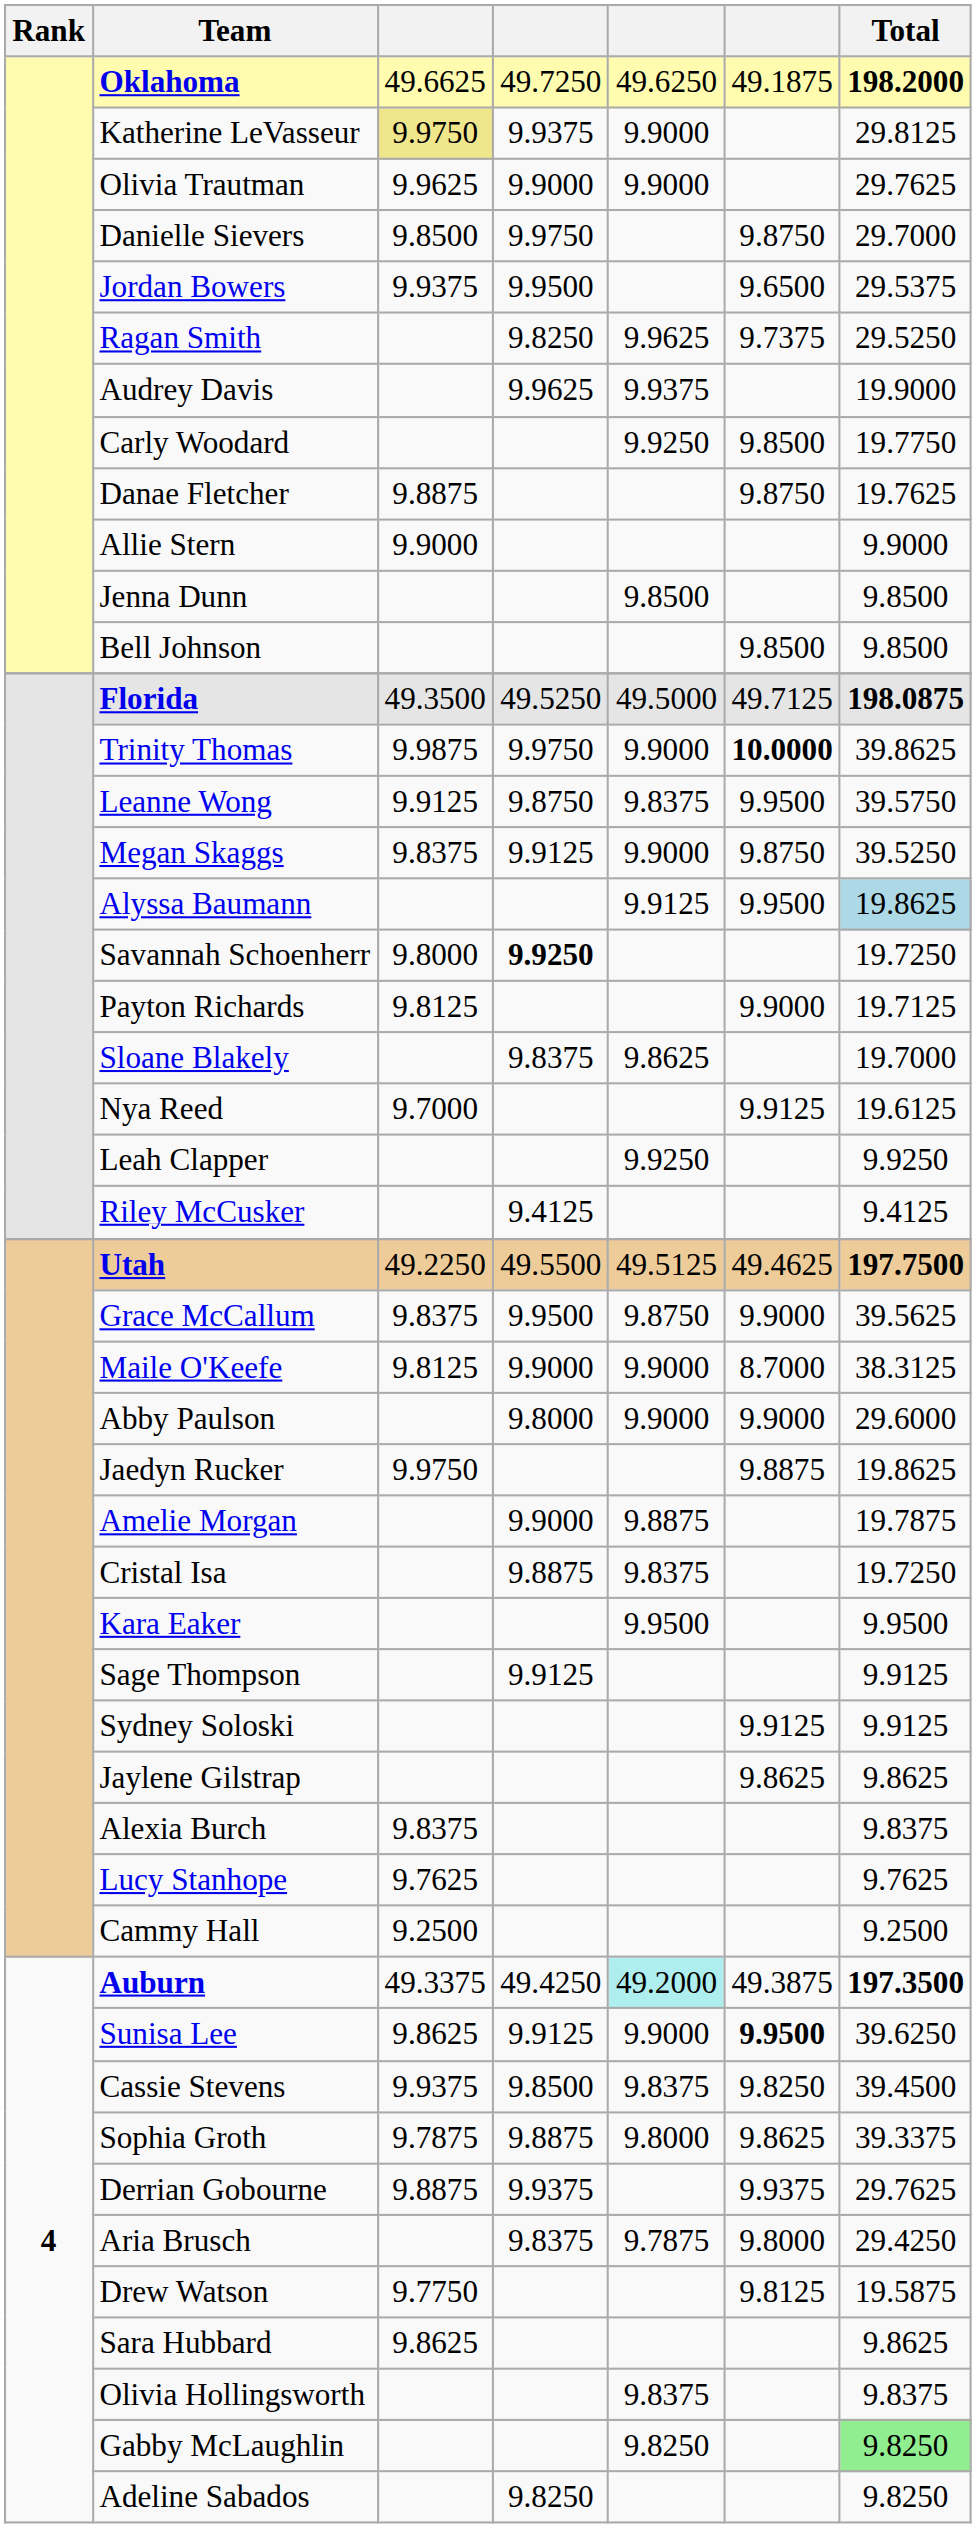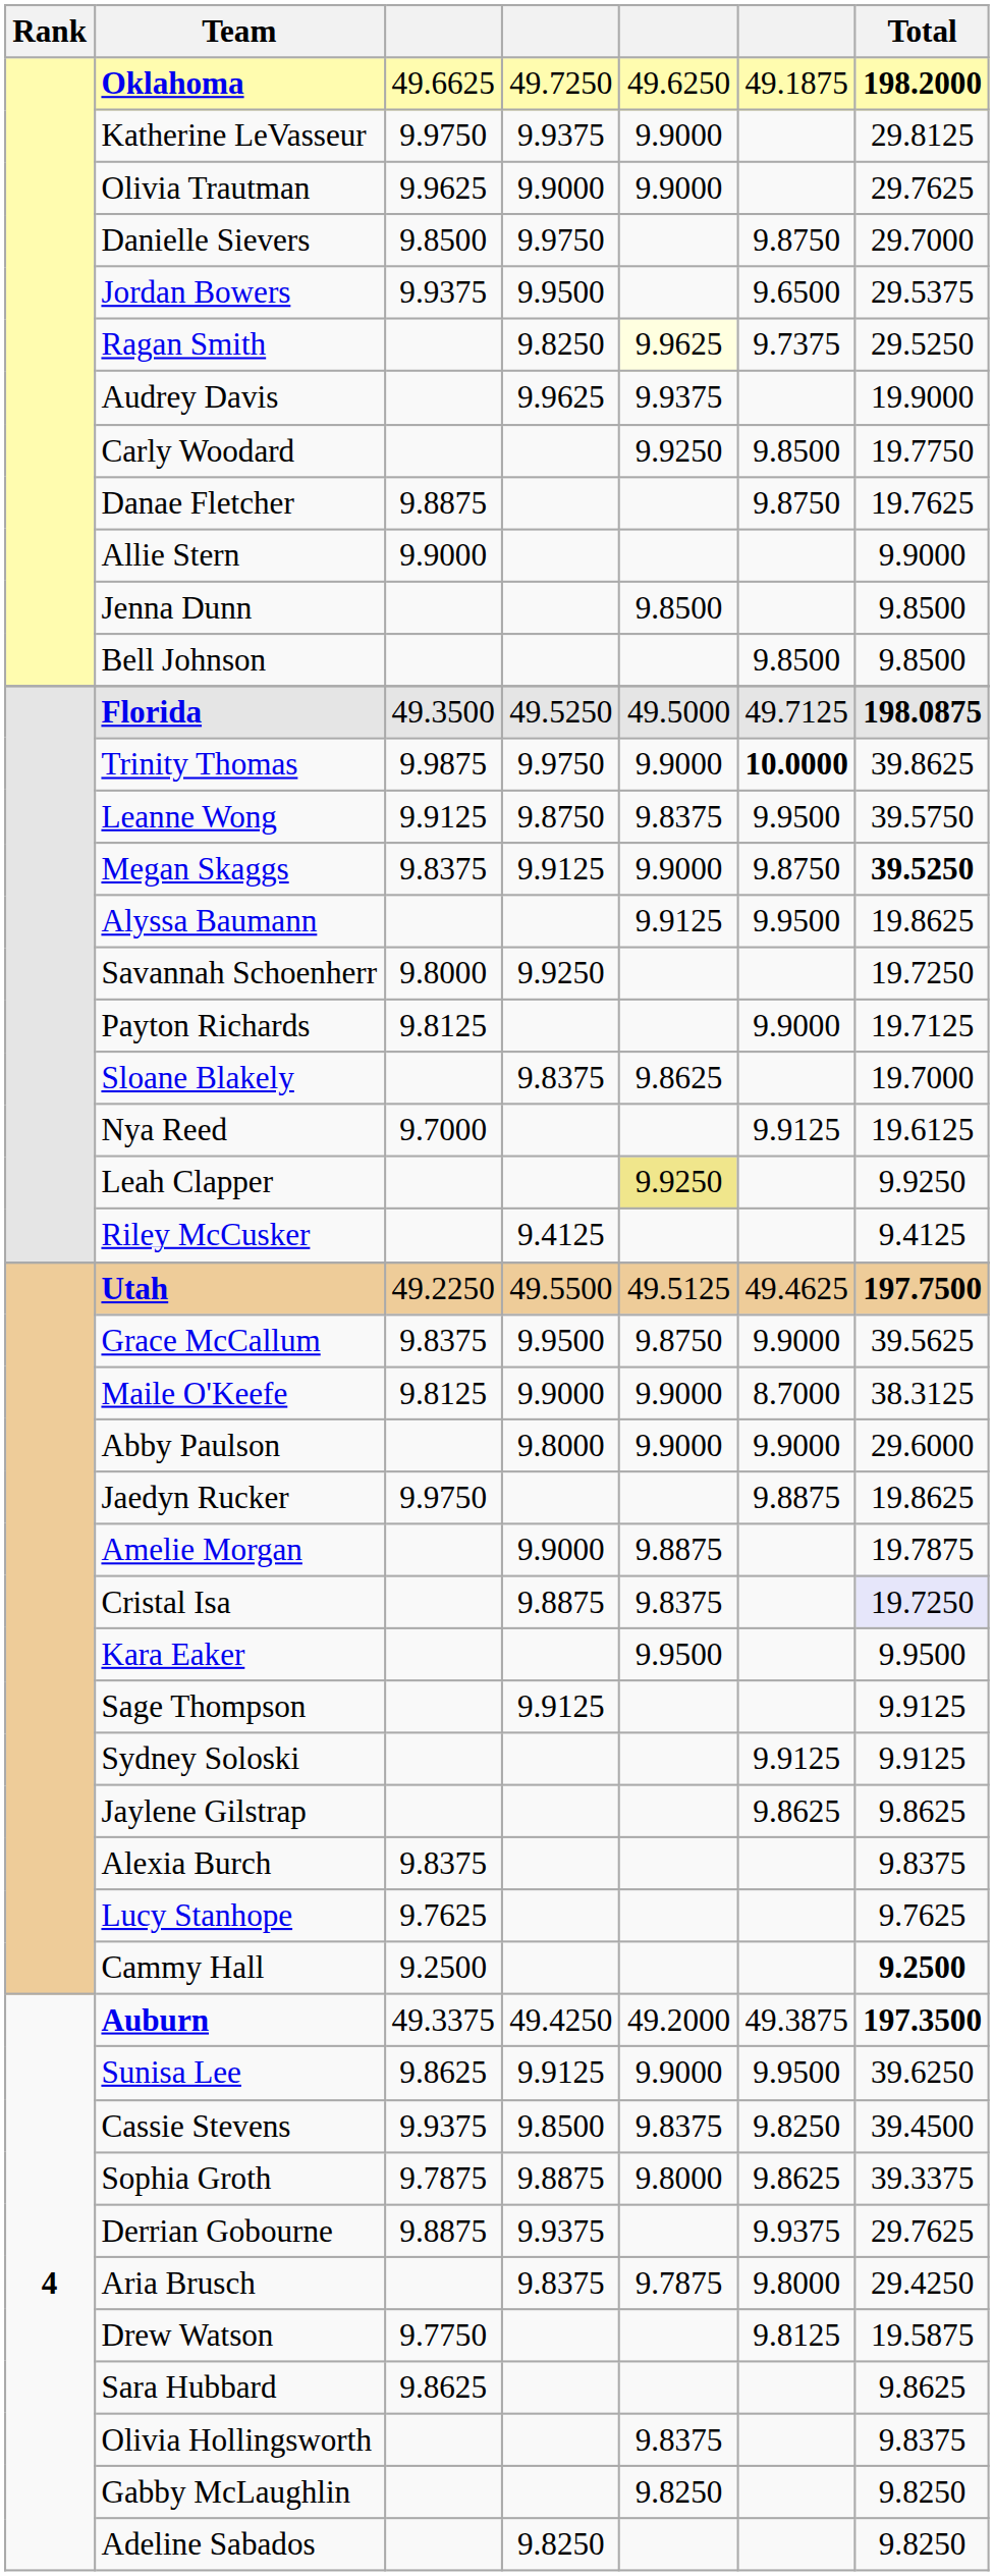 <table class="wikitable" style="text-align:center; font-size:95%">
 <tr>
 <th rowspan="1">Rank</th>
 <th rowspan="1">Team</th>
 <th colspan="1"></th>
 <th colspan="1"></th>
 <th colspan="1"></th>
 <th colspan="1"></th>
 <th rowspan="1">Total</th>
 </tr>
 <tr style="background:#fffcaf;">
 <td rowspan="12"></td>
 <td style="text-align:left;"><strong><a href='#'>Oklahoma</a></strong></td>
 <td>49.6625</td>
 <td>49.7250</td>
 <td>49.6250</td>
 <td>49.1875</td>
 <td><strong>198.2000</strong></td>
 </tr>
 <tr>
 <td style="text-align:left;">Katherine LeVasseur</td>
-<td style="background: khaki;">9.9750</td>
+<td>9.9750</td>
 <td>9.9375</td>
 <td>9.9000</td>
 <td></td>
 <td>29.8125</td>
 </tr>
 <tr>
 <td style="text-align:left;">Olivia Trautman</td>
 <td>9.9625</td>
 <td>9.9000</td>
 <td>9.9000</td>
 <td></td>
 <td>29.7625</td>
 </tr>
 <tr>
 <td style="text-align:left;">Danielle Sievers</td>
 <td>9.8500</td>
 <td>9.9750</td>
 <td></td>
 <td>9.8750</td>
 <td>29.7000</td>
 </tr>
 <tr>
 <td style="text-align:left;"><a href='#'>Jordan Bowers</a></td>
 <td>9.9375</td>
 <td>9.9500</td>
 <td></td>
 <td>9.6500</td>
 <td>29.5375</td>
 </tr>
 <tr>
 <td style="text-align:left;"><a href='#'>Ragan Smith</a></td>
 <td></td>
 <td>9.8250</td>
-<td>9.9625</td>
+<td style="background: lightyellow;">9.9625</td>
 <td>9.7375</td>
 <td>29.5250</td>
 </tr>
 <tr>
 <td style="text-align:left;">Audrey Davis</td>
 <td></td>
 <td>9.9625</td>
 <td>9.9375</td>
 <td></td>
 <td>19.9000</td>
 </tr>
 <tr>
 <td style="text-align:left;">Carly Woodard</td>
 <td></td>
 <td></td>
 <td>9.9250</td>
 <td>9.8500</td>
 <td>19.7750</td>
 </tr>
 <tr>
 <td style="text-align:left;">Danae Fletcher</td>
 <td>9.8875</td>
 <td></td>
 <td></td>
 <td>9.8750</td>
 <td>19.7625</td>
 </tr>
 <tr>
 <td style="text-align:left;">Allie Stern</td>
 <td>9.9000</td>
 <td></td>
 <td></td>
 <td></td>
 <td>9.9000</td>
 </tr>
 <tr>
 <td style="text-align:left;">Jenna Dunn</td>
 <td></td>
 <td></td>
 <td>9.8500</td>
 <td></td>
 <td>9.8500</td>
 </tr>
 <tr>
 <td style="text-align:left;">Bell Johnson</td>
 <td></td>
 <td></td>
 <td></td>
 <td>9.8500</td>
 <td>9.8500</td>
 </tr>
 <tr>
 </tr>
 <tr style="background:#e5e5e5;">
 <td rowspan="11"></td>
 <td style="text-align:left;"><strong><a href='#'>Florida</a></strong></td>
 <td>49.3500</td>
 <td>49.5250</td>
 <td>49.5000</td>
 <td>49.7125</td>
 <td><strong>198.0875</strong></td>
 </tr>
 <tr>
 <td style="text-align:left;"><a href='#'>Trinity Thomas</a></td>
 <td>9.9875</td>
 <td>9.9750</td>
 <td>9.9000</td>
 <td><strong>10.0000</strong></td>
 <td>39.8625</td>
 </tr>
 <tr>
 <td style="text-align:left;"><a href='#'>Leanne Wong</a></td>
 <td>9.9125</td>
 <td>9.8750</td>
 <td>9.8375</td>
 <td>9.9500</td>
 <td>39.5750</td>
 </tr>
 <tr>
 <td style="text-align:left;"><a href='#'>Megan Skaggs</a></td>
 <td>9.8375</td>
 <td>9.9125</td>
 <td>9.9000</td>
 <td>9.8750</td>
-<td>39.5250</td>
+<td><strong>39.5250</strong></td>
 </tr>
 <tr>
 <td style="text-align:left;"><a href='#'>Alyssa Baumann</a></td>
 <td></td>
 <td></td>
 <td>9.9125</td>
 <td>9.9500</td>
-<td style="background: lightblue;">19.8625</td>
+<td>19.8625</td>
 </tr>
 <tr>
 <td style="text-align:left;">Savannah Schoenherr</td>
 <td>9.8000</td>
-<td><strong>9.9250</strong></td>
+<td>9.9250</td>
 <td></td>
 <td></td>
 <td>19.7250</td>
 </tr>
 <tr>
 <td style="text-align:left;">Payton Richards</td>
 <td>9.8125</td>
 <td></td>
 <td></td>
 <td>9.9000</td>
 <td>19.7125</td>
 </tr>
 <tr>
 <td style="text-align:left;"><a href='#'>Sloane Blakely</a></td>
 <td></td>
 <td>9.8375</td>
 <td>9.8625</td>
 <td></td>
 <td>19.7000</td>
 </tr>
 <tr>
 <td style="text-align:left;">Nya Reed</td>
 <td>9.7000</td>
 <td></td>
 <td></td>
 <td>9.9125</td>
 <td>19.6125</td>
 </tr>
 <tr>
 <td style="text-align:left;">Leah Clapper</td>
 <td></td>
 <td></td>
-<td>9.9250</td>
+<td style="background: khaki;">9.9250</td>
 <td></td>
 <td>9.9250</td>
 </tr>
 <tr>
 <td style="text-align:left;"><a href='#'>Riley McCusker</a></td>
 <td></td>
 <td>9.4125</td>
 <td></td>
 <td></td>
 <td>9.4125</td>
 </tr>
 <tr>
 </tr>
 <tr style="background:#ec9;">
 <td rowspan="14"></td>
 <td style="text-align:left;"><strong><a href='#'>Utah</a></strong></td>
 <td>49.2250</td>
 <td>49.5500</td>
 <td>49.5125</td>
 <td>49.4625</td>
 <td><strong>197.7500</strong></td>
 </tr>
 <tr>
 <td style="text-align:left;"><a href='#'>Grace McCallum</a></td>
 <td>9.8375</td>
 <td>9.9500</td>
 <td>9.8750</td>
 <td>9.9000</td>
 <td>39.5625</td>
 </tr>
 <tr>
 <td style="text-align:left;"><a href='#'>Maile O'Keefe</a></td>
 <td>9.8125</td>
 <td>9.9000</td>
 <td>9.9000</td>
 <td>8.7000</td>
 <td>38.3125</td>
 </tr>
 <tr>
 <td style="text-align:left;">Abby Paulson</td>
 <td></td>
 <td>9.8000</td>
 <td>9.9000</td>
 <td>9.9000</td>
 <td>29.6000</td>
 </tr>
 <tr>
 <td style="text-align:left;">Jaedyn Rucker</td>
 <td>9.9750</td>
 <td></td>
 <td></td>
 <td>9.8875</td>
 <td>19.8625</td>
 </tr>
 <tr>
 <td style="text-align:left;"><a href='#'>Amelie Morgan</a></td>
 <td></td>
 <td>9.9000</td>
 <td>9.8875</td>
 <td></td>
 <td>19.7875</td>
 </tr>
 <tr>
 <td style="text-align:left;">Cristal Isa</td>
 <td></td>
 <td>9.8875</td>
 <td>9.8375</td>
 <td></td>
-<td>19.7250</td>
+<td style="background: lavender;">19.7250</td>
 </tr>
 <tr>
 <td style="text-align:left;"><a href='#'>Kara Eaker</a></td>
 <td></td>
 <td></td>
 <td>9.9500</td>
 <td></td>
 <td>9.9500</td>
 </tr>
 <tr>
 <td style="text-align:left;">Sage Thompson</td>
 <td></td>
 <td>9.9125</td>
 <td></td>
 <td></td>
 <td>9.9125</td>
 </tr>
 <tr>
 <td style="text-align:left;">Sydney Soloski</td>
 <td></td>
 <td></td>
 <td></td>
 <td>9.9125</td>
 <td>9.9125</td>
 </tr>
 <tr>
 <td style="text-align:left;">Jaylene Gilstrap</td>
 <td></td>
 <td></td>
 <td></td>
 <td>9.8625</td>
 <td>9.8625</td>
 </tr>
 <tr>
 <td style="text-align:left;">Alexia Burch</td>
 <td>9.8375</td>
 <td></td>
 <td></td>
 <td></td>
 <td>9.8375</td>
 </tr>
 <tr>
 <td style="text-align:left;"><a href='#'>Lucy Stanhope</a></td>
 <td>9.7625</td>
 <td></td>
 <td></td>
 <td></td>
 <td>9.7625</td>
 </tr>
 <tr>
 <td style="text-align:left;">Cammy Hall</td>
 <td>9.2500</td>
 <td></td>
 <td></td>
 <td></td>
-<td>9.2500</td>
+<td><strong>9.2500</strong></td>
 </tr>
 <tr>
 <td rowspan="20"><strong>4</strong></td>
 <td style="text-align:left;"><strong><a href='#'>Auburn</a></strong></td>
 <td>49.3375</td>
 <td>49.4250</td>
-<td style="background: paleturquoise;">49.2000</td>
+<td>49.2000</td>
 <td>49.3875</td>
 <td><strong>197.3500</strong></td>
 </tr>
 <tr>
 <td style="text-align:left;"><a href='#'>Sunisa Lee</a></td>
 <td>9.8625</td>
 <td>9.9125</td>
 <td>9.9000</td>
-<td><strong>9.9500</strong></td>
+<td>9.9500</td>
 <td>39.6250</td>
 </tr>
 <tr>
 <td style="text-align:left;">Cassie Stevens</td>
 <td>9.9375</td>
 <td>9.8500</td>
 <td>9.8375</td>
 <td>9.8250</td>
 <td>39.4500</td>
 </tr>
 <tr>
 <td style="text-align:left;">Sophia Groth</td>
 <td>9.7875</td>
 <td>9.8875</td>
 <td>9.8000</td>
 <td>9.8625</td>
 <td>39.3375</td>
 </tr>
 <tr>
 <td style="text-align:left;">Derrian Gobourne</td>
 <td>9.8875</td>
 <td>9.9375</td>
 <td></td>
 <td>9.9375</td>
 <td>29.7625</td>
 </tr>
 <tr>
 <td style="text-align:left;">Aria Brusch</td>
 <td></td>
 <td>9.8375</td>
 <td>9.7875</td>
 <td>9.8000</td>
 <td>29.4250</td>
 </tr>
 <tr>
 <td style="text-align:left;">Drew Watson</td>
 <td>9.7750</td>
 <td></td>
 <td></td>
 <td>9.8125</td>
 <td>19.5875</td>
 </tr>
 <tr>
 <td style="text-align:left;">Sara Hubbard</td>
 <td>9.8625</td>
 <td></td>
 <td></td>
 <td></td>
 <td>9.8625</td>
 </tr>
 <tr>
 <td style="text-align:left;">Olivia Hollingsworth</td>
 <td></td>
 <td></td>
 <td>9.8375</td>
 <td></td>
 <td>9.8375</td>
 </tr>
 <tr>
 <td style="text-align:left;">Gabby McLaughlin</td>
 <td></td>
 <td></td>
 <td>9.8250</td>
 <td></td>
-<td style="background: lightgreen;">9.8250</td>
+<td>9.8250</td>
 </tr>
 <tr>
 <td style="text-align:left;">Adeline Sabados</td>
 <td></td>
 <td>9.8250</td>
 <td></td>
 <td></td>
 <td>9.8250</td>
 </tr>
 </table>
